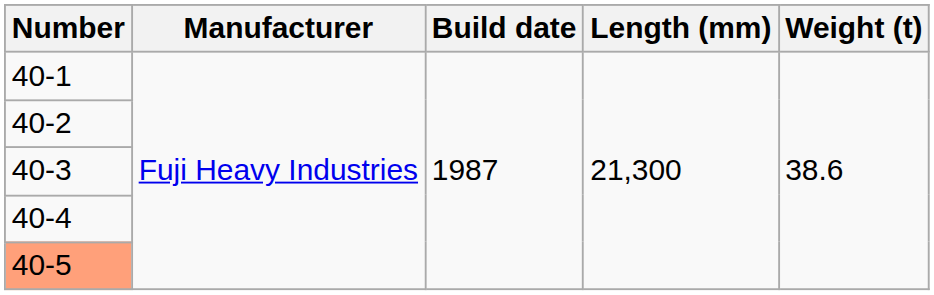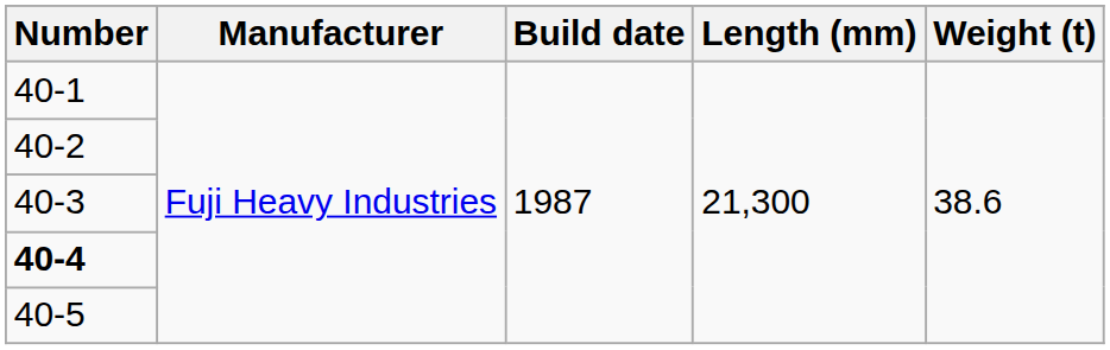 <table class="wikitable">
 <tr>
 <th>Number</th>
 <th>Manufacturer</th>
 <th>Build date</th>
 <th>Length (mm)</th>
 <th>Weight (t)</th>
 </tr>
 <tr>
 <td>40-1</td>
 <td rowspan = 5><a href='#'>Fuji Heavy Industries</a></td>
 <td rowspan = 5>1987</td>
 <td rowspan = 5>21,300</td>
 <td rowspan = 5>38.6</td>
 </tr>
 <tr>
 <td>40-2</td>
 </tr>
 <tr>
 <td>40-3</td>
 </tr>
 <tr>
-<td>40-4</td>
+<td><strong>40-4</strong></td>
 </tr>
 <tr>
-<td style="background: lightsalmon;">40-5</td>
+<td>40-5</td>
 </tr>
 </table>
